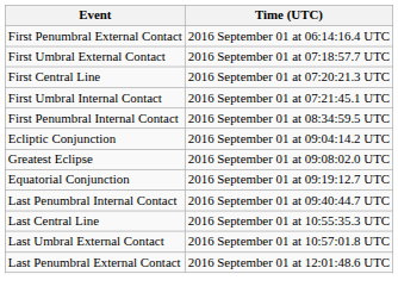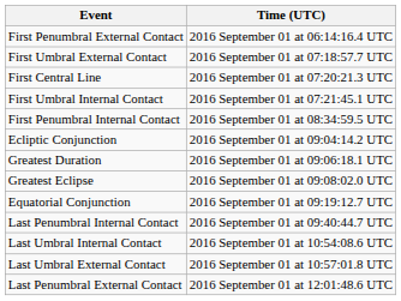 <table class="wikitable">
 <tr>
 <th>Event</th>
 <th>Time (UTC)</th>
 </tr>
 <tr>
 <td>First Penumbral External Contact</td>
 <td>2016 September 01 at 06:14:16.4 UTC</td>
 </tr>
 <tr>
 <td>First Umbral External Contact</td>
 <td>2016 September 01 at 07:18:57.7 UTC</td>
 </tr>
 <tr>
 <td>First Central Line</td>
 <td>2016 September 01 at 07:20:21.3 UTC</td>
 </tr>
 <tr>
 <td>First Umbral Internal Contact</td>
 <td>2016 September 01 at 07:21:45.1 UTC</td>
 </tr>
 <tr>
 <td>First Penumbral Internal Contact</td>
 <td>2016 September 01 at 08:34:59.5 UTC</td>
 </tr>
 <tr>
 <td>Ecliptic Conjunction</td>
 <td>2016 September 01 at 09:04:14.2 UTC</td>
 </tr>
 <tr>
+<td>Greatest Duration</td>
+<td>2016 September 01 at 09:06:18.1 UTC</td>
+</tr>
+<tr>
 <td>Greatest Eclipse</td>
 <td>2016 September 01 at 09:08:02.0 UTC</td>
 </tr>
 <tr>
 <td>Equatorial Conjunction</td>
 <td>2016 September 01 at 09:19:12.7 UTC</td>
 </tr>
 <tr>
 <td>Last Penumbral Internal Contact</td>
 <td>2016 September 01 at 09:40:44.7 UTC</td>
 </tr>
 <tr>
-<td>Last Central Line</td>
-<td>2016 September 01 at 10:55:35.3 UTC</td>
+<td>Last Umbral Internal Contact</td>
+<td>2016 September 01 at 10:54:08.6 UTC</td>
 </tr>
 <tr>
 <td>Last Umbral External Contact</td>
 <td>2016 September 01 at 10:57:01.8 UTC</td>
 </tr>
 <tr>
 <td>Last Penumbral External Contact</td>
 <td>2016 September 01 at 12:01:48.6 UTC</td>
 </tr>
 </table>
